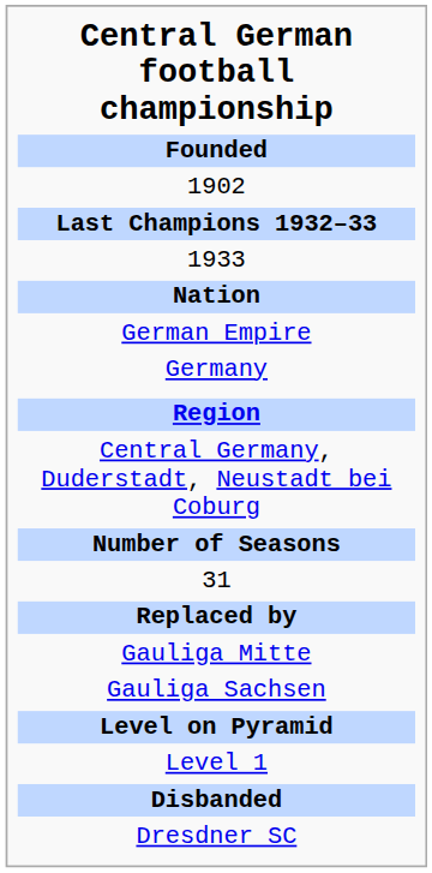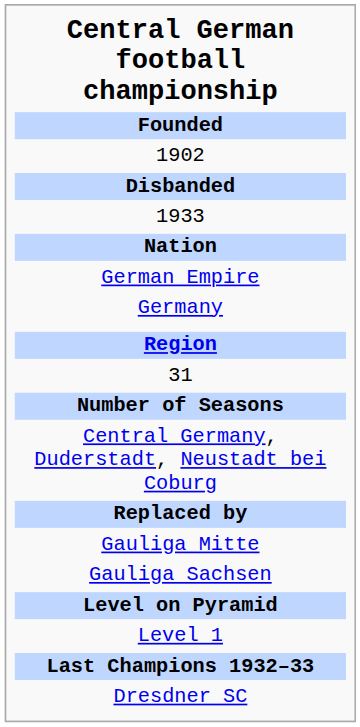 <table class="infobox football" style="width: 16em; text-align: center;">
 <tr>
 <th style="font-size: 16px;">Central German football championship</th>
 </tr>
 <tr>
 <td style="font-size: 12px; background: #BFD7FF;"><strong>Founded</strong></td>
 </tr>
 <tr>
 <td style="font-size: 12px;">1902</td>
 </tr>
 <tr>
-<td style="font-size: 12px; background: #BFD7FF;"><strong>Last Champions 1932–33</strong></td>
+<td style="font-size: 12px; background: #BFD7FF;"><strong>Disbanded</strong></td>
 </tr>
 <tr>
 <td style="font-size: 12px;">1933</td>
 </tr>
 <tr>
 <td style="font-size: 12px; background: #BFD7FF;"><strong>Nation</strong></td>
 </tr>
 <tr>
 <td style="font-size: 12px;"> <a href='#'>German Empire</a></td>
 </tr>
 <tr>
 <td style="font-size: 12px;"> <a href='#'>Germany</a></td>
 </tr>
 <tr>
 <td style="font-size: 11px; line-height: 15px;"></td>
 </tr>
 <tr>
 <td style="font-size: 12px; background: #BFD7FF;"><strong><a href='#'>Region</a></strong></td>
 </tr>
 <tr>
-<td style="font-size: 12px;"><a href='#'>Central Germany</a>,  <a href='#'>Duderstadt</a>, <a href='#'>Neustadt bei Coburg</a></td>
+<td style="font-size: 12px;">31</td>
 </tr>
 <tr>
 <td style="font-size: 12px; background: #BFD7FF;"><strong>Number of Seasons</strong></td>
 </tr>
 <tr>
-<td style="font-size: 12px;">31</td>
+<td style="font-size: 12px;"><a href='#'>Central Germany</a>,  <a href='#'>Duderstadt</a>, <a href='#'>Neustadt bei Coburg</a></td>
 </tr>
 <tr>
 <td style="font-size: 12px; background: #BFD7FF;"><strong>Replaced by</strong></td>
 </tr>
 <tr>
 <td style="font-size: 12px;"><a href='#'>Gauliga Mitte</a></td>
 </tr>
 <tr>
 <td style="font-size: 12px;"><a href='#'>Gauliga Sachsen</a></td>
 </tr>
 <tr>
 <td style="font-size: 12px; background: #BFD7FF;"><strong>Level on Pyramid</strong></td>
 </tr>
 <tr>
 <td style="font-size: 12px;"><a href='#'>Level 1</a></td>
 </tr>
 <tr>
-<td style="font-size: 12px; background: #BFD7FF;"><strong>Disbanded</strong></td>
+<td style="font-size: 12px; background: #BFD7FF;"><strong>Last Champions 1932–33</strong></td>
 </tr>
 <tr>
 <td style="font-size: 12px;"><a href='#'>Dresdner SC</a></td>
 </tr>
 <tr>
 </tr>
 </table>
